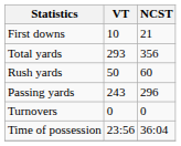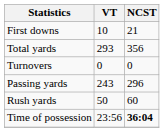 <table class="wikitable" style="float: left;">
 <tr>
 <th>Statistics</th>
 <th>VT</th>
 <th>NCST</th>
 </tr>
 <tr>
 <td>First downs</td>
 <td>10</td>
 <td>21</td>
 </tr>
 <tr>
 <td>Total yards</td>
 <td>293</td>
 <td>356</td>
 </tr>
 <tr>
-<td>Rush yards</td>
-<td>50</td>
-<td>60</td>
+<td>Turnovers</td>
+<td>0</td>
+<td>0</td>
 </tr>
 <tr>
 <td>Passing yards</td>
 <td>243</td>
 <td>296</td>
 </tr>
 <tr>
-<td>Turnovers</td>
-<td>0</td>
-<td>0</td>
+<td>Rush yards</td>
+<td>50</td>
+<td>60</td>
 </tr>
 <tr>
 <td>Time of possession</td>
 <td>23:56</td>
-<td>36:04</td>
+<td><strong>36:04</strong></td>
 </tr>
 <tr>
 </tr>
 </table>
